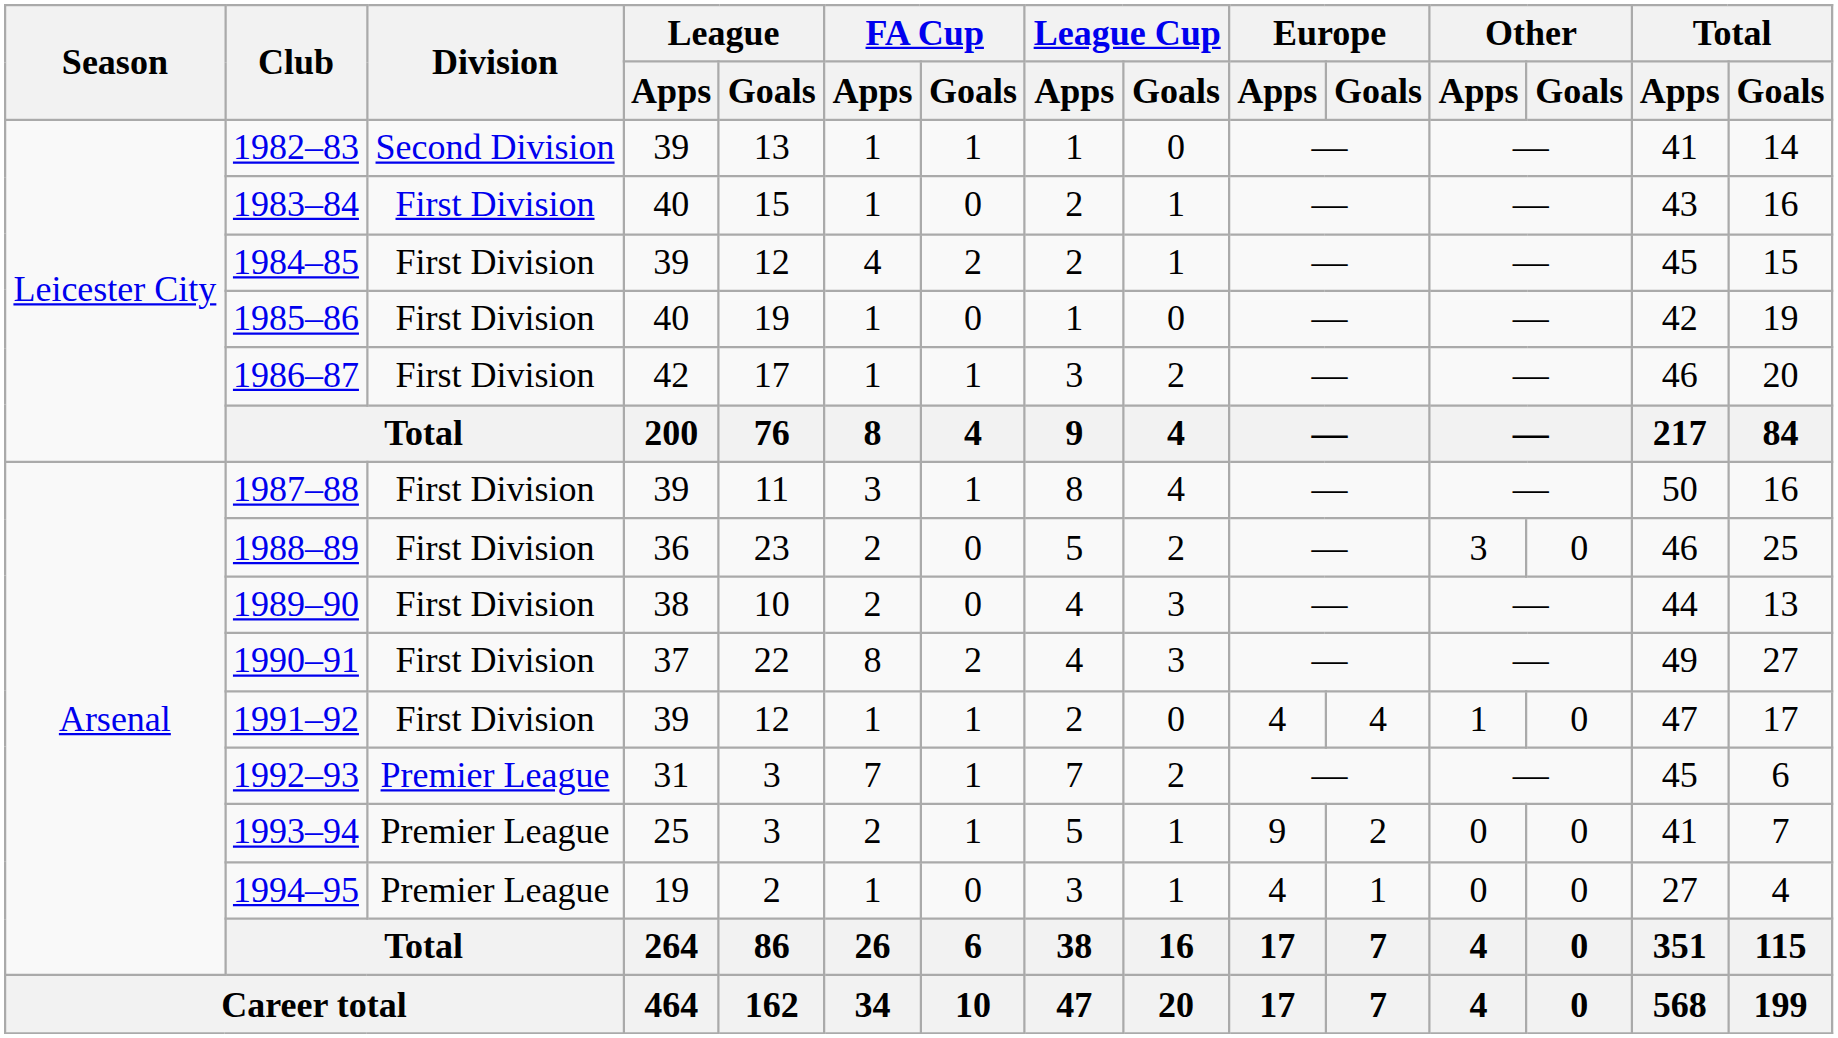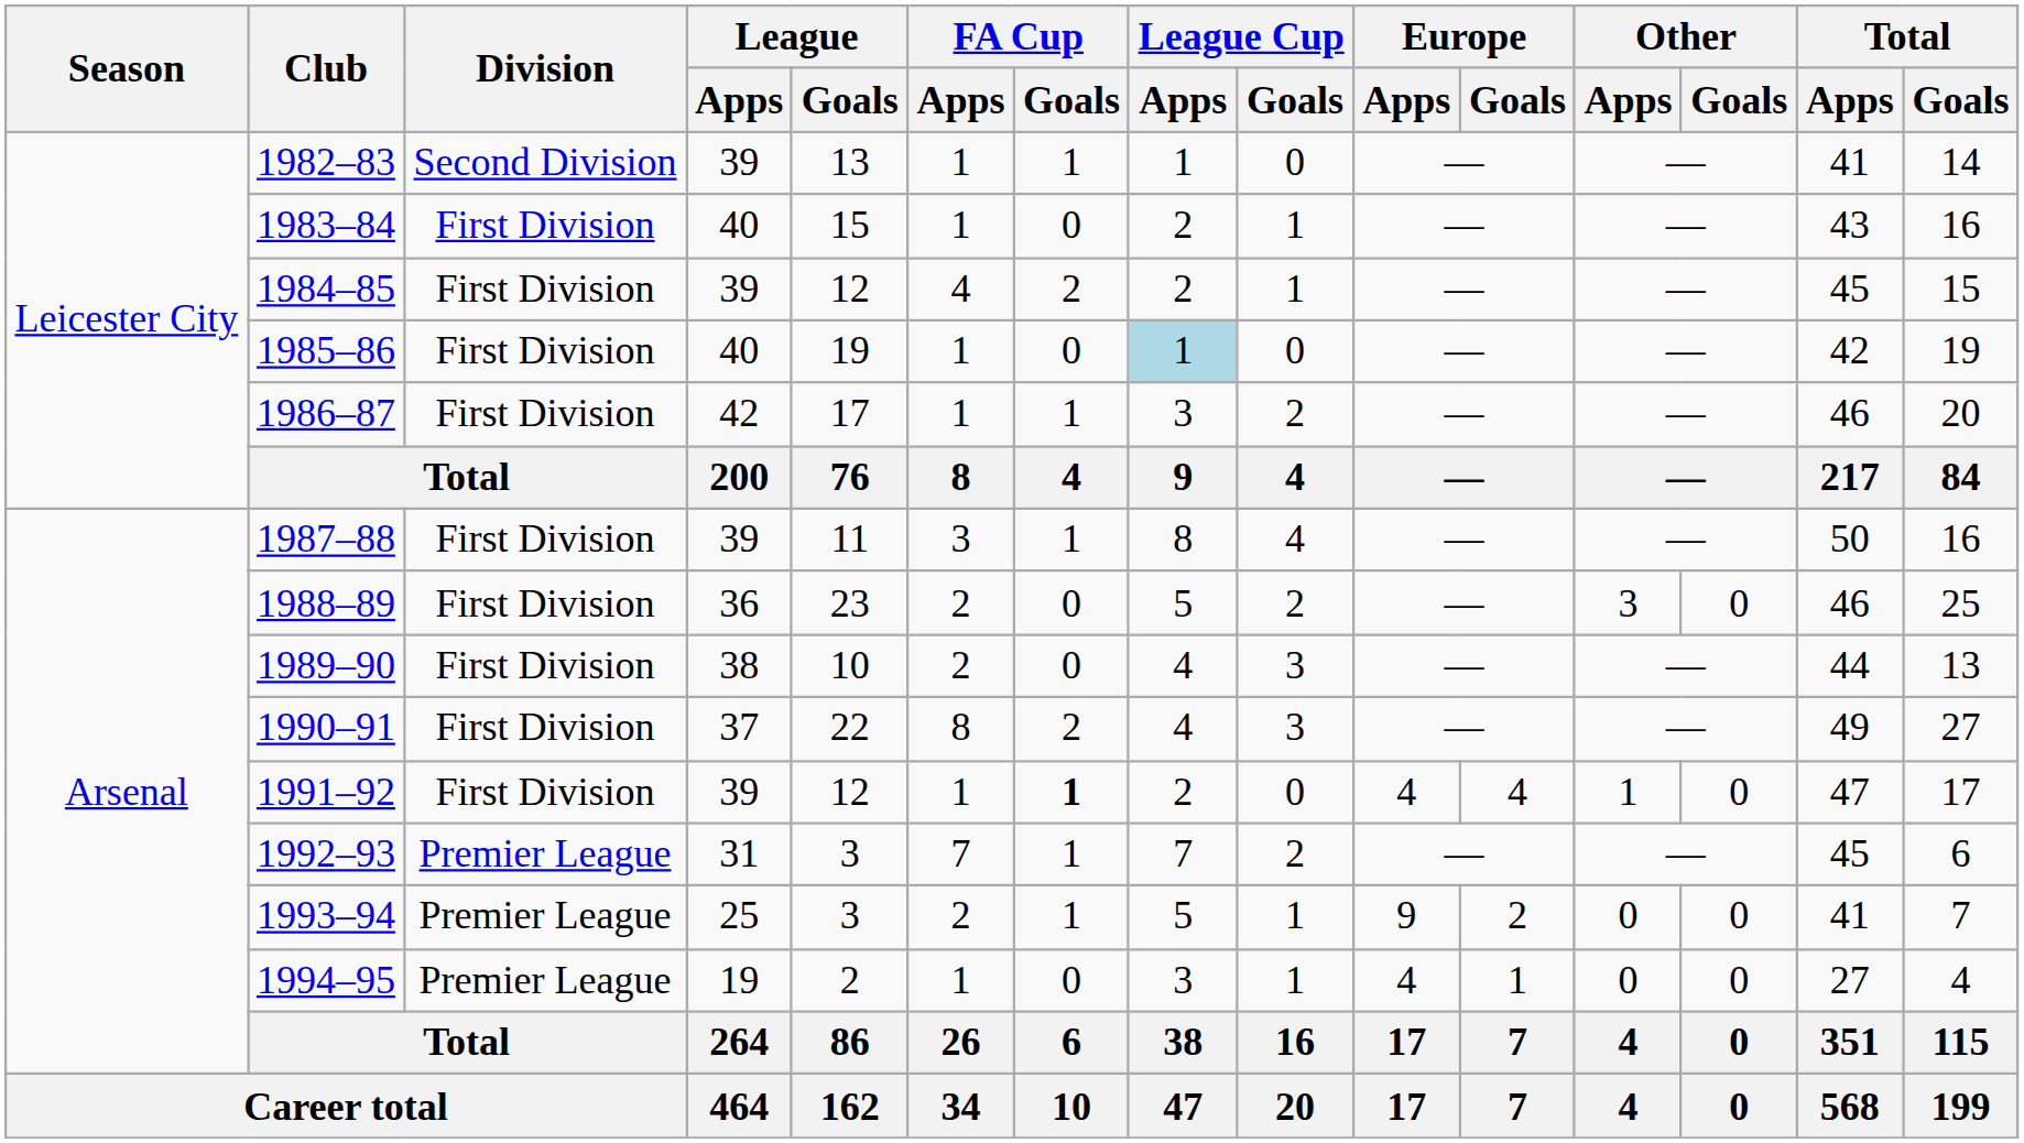 <table class="wikitable" style="text-align:center">
 <tr>
 <th rowspan="2">Season</th>
 <th rowspan="2">Club</th>
 <th rowspan="2">Division</th>
 <th colspan="2">League</th>
 <th colspan="2"><a href='#'>FA Cup</a></th>
 <th colspan="2"><a href='#'>League Cup</a></th>
 <th colspan="2">Europe</th>
 <th colspan="2">Other</th>
 <th colspan="2">Total</th>
 </tr>
 <tr>
 <th>Apps</th>
 <th>Goals</th>
 <th>Apps</th>
 <th>Goals</th>
 <th>Apps</th>
 <th>Goals</th>
 <th>Apps</th>
 <th>Goals</th>
 <th>Apps</th>
 <th>Goals</th>
 <th>Apps</th>
 <th>Goals</th>
 </tr>
 <tr>
 <td rowspan="6"><a href='#'>Leicester City</a></td>
 <td><a href='#'>1982–83</a></td>
 <td><a href='#'>Second Division</a></td>
 <td>39</td>
 <td>13</td>
 <td>1</td>
 <td>1</td>
 <td>1</td>
 <td>0</td>
 <td colspan="2">—</td>
 <td colspan="2">—</td>
 <td>41</td>
 <td>14</td>
 </tr>
 <tr>
 <td><a href='#'>1983–84</a></td>
 <td><a href='#'>First Division</a></td>
 <td>40</td>
 <td>15</td>
 <td>1</td>
 <td>0</td>
 <td>2</td>
 <td>1</td>
 <td colspan="2">—</td>
 <td colspan="2">—</td>
 <td>43</td>
 <td>16</td>
 </tr>
 <tr>
 <td><a href='#'>1984–85</a></td>
 <td>First Division</td>
 <td>39</td>
 <td>12</td>
 <td>4</td>
 <td>2</td>
 <td>2</td>
 <td>1</td>
 <td colspan="2">—</td>
 <td colspan="2">—</td>
 <td>45</td>
 <td>15</td>
 </tr>
 <tr>
 <td><a href='#'>1985–86</a></td>
 <td>First Division</td>
 <td>40</td>
 <td>19</td>
 <td>1</td>
 <td>0</td>
-<td>1</td>
+<td style="background: lightblue;">1</td>
 <td>0</td>
 <td colspan="2">—</td>
 <td colspan="2">—</td>
 <td>42</td>
 <td>19</td>
 </tr>
 <tr>
 <td><a href='#'>1986–87</a></td>
 <td>First Division</td>
 <td>42</td>
 <td>17</td>
 <td>1</td>
 <td>1</td>
 <td>3</td>
 <td>2</td>
 <td colspan="2">—</td>
 <td colspan="2">—</td>
 <td>46</td>
 <td>20</td>
 </tr>
 <tr>
 <th colspan="2">Total</th>
 <th>200</th>
 <th>76</th>
 <th>8</th>
 <th>4</th>
 <th>9</th>
 <th>4</th>
 <th colspan="2">—</th>
 <th colspan="2">—</th>
 <th>217</th>
 <th>84</th>
 </tr>
 <tr>
 <td rowspan="9"><a href='#'>Arsenal</a></td>
 <td><a href='#'>1987–88</a></td>
 <td>First Division</td>
 <td>39</td>
 <td>11</td>
 <td>3</td>
 <td>1</td>
 <td>8</td>
 <td>4</td>
 <td colspan="2">—</td>
 <td colspan="2">—</td>
 <td>50</td>
 <td>16</td>
 </tr>
 <tr>
 <td><a href='#'>1988–89</a></td>
 <td>First Division</td>
 <td>36</td>
 <td>23</td>
 <td>2</td>
 <td>0</td>
 <td>5</td>
 <td>2</td>
 <td colspan="2">—</td>
 <td>3</td>
 <td>0</td>
 <td>46</td>
 <td>25</td>
 </tr>
 <tr>
 <td><a href='#'>1989–90</a></td>
 <td>First Division</td>
 <td>38</td>
 <td>10</td>
 <td>2</td>
 <td>0</td>
 <td>4</td>
 <td>3</td>
 <td colspan="2">—</td>
 <td colspan="2">—</td>
 <td>44</td>
 <td>13</td>
 </tr>
 <tr>
 <td><a href='#'>1990–91</a></td>
 <td>First Division</td>
 <td>37</td>
 <td>22</td>
 <td>8</td>
 <td>2</td>
 <td>4</td>
 <td>3</td>
 <td colspan="2">—</td>
 <td colspan="2">—</td>
 <td>49</td>
 <td>27</td>
 </tr>
 <tr>
 <td><a href='#'>1991–92</a></td>
 <td>First Division</td>
 <td>39</td>
 <td>12</td>
 <td>1</td>
-<td>1</td>
+<td><strong>1</strong></td>
 <td>2</td>
 <td>0</td>
 <td>4</td>
 <td>4</td>
 <td>1</td>
 <td>0</td>
 <td>47</td>
 <td>17</td>
 </tr>
 <tr>
 <td><a href='#'>1992–93</a></td>
 <td><a href='#'>Premier League</a></td>
 <td>31</td>
 <td>3</td>
 <td>7</td>
 <td>1</td>
 <td>7</td>
 <td>2</td>
 <td colspan="2">—</td>
 <td colspan="2">—</td>
 <td>45</td>
 <td>6</td>
 </tr>
 <tr>
 <td><a href='#'>1993–94</a></td>
 <td>Premier League</td>
 <td>25</td>
 <td>3</td>
 <td>2</td>
 <td>1</td>
 <td>5</td>
 <td>1</td>
 <td>9</td>
 <td>2</td>
 <td>0</td>
 <td>0</td>
 <td>41</td>
 <td>7</td>
 </tr>
 <tr>
 <td><a href='#'>1994–95</a></td>
 <td>Premier League</td>
 <td>19</td>
 <td>2</td>
 <td>1</td>
 <td>0</td>
 <td>3</td>
 <td>1</td>
 <td>4</td>
 <td>1</td>
 <td>0</td>
 <td>0</td>
 <td>27</td>
 <td>4</td>
 </tr>
 <tr>
 <th colspan="2">Total</th>
 <th>264</th>
 <th>86</th>
 <th>26</th>
 <th>6</th>
 <th>38</th>
 <th>16</th>
 <th>17</th>
 <th>7</th>
 <th>4</th>
 <th>0</th>
 <th>351</th>
 <th>115</th>
 </tr>
 <tr>
 <th colspan="3">Career total</th>
 <th>464</th>
 <th>162</th>
 <th>34</th>
 <th>10</th>
 <th>47</th>
 <th>20</th>
 <th>17</th>
 <th>7</th>
 <th>4</th>
 <th>0</th>
 <th>568</th>
 <th>199</th>
 </tr>
 </table>
